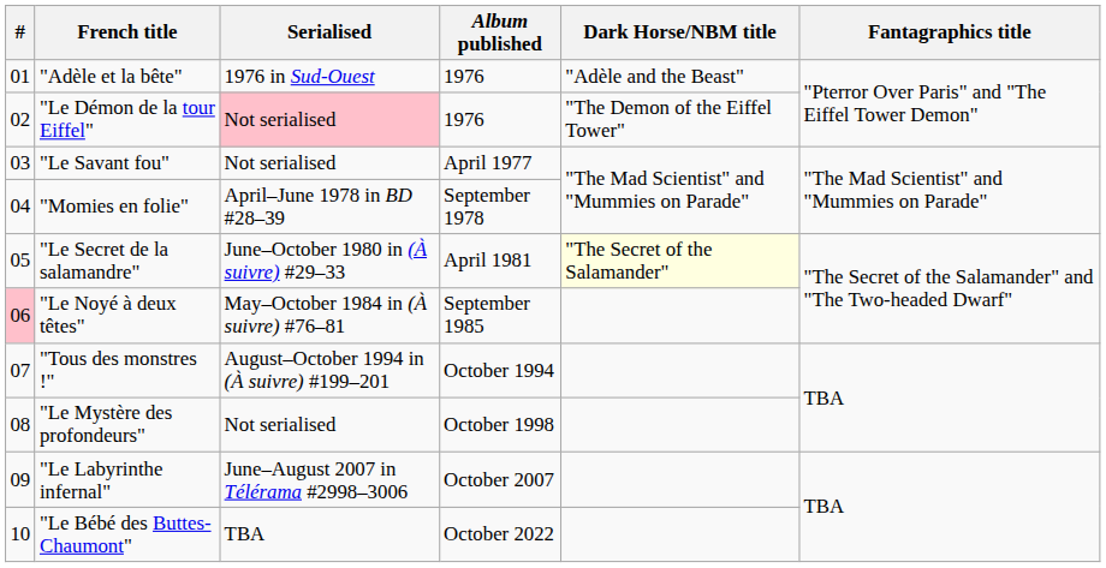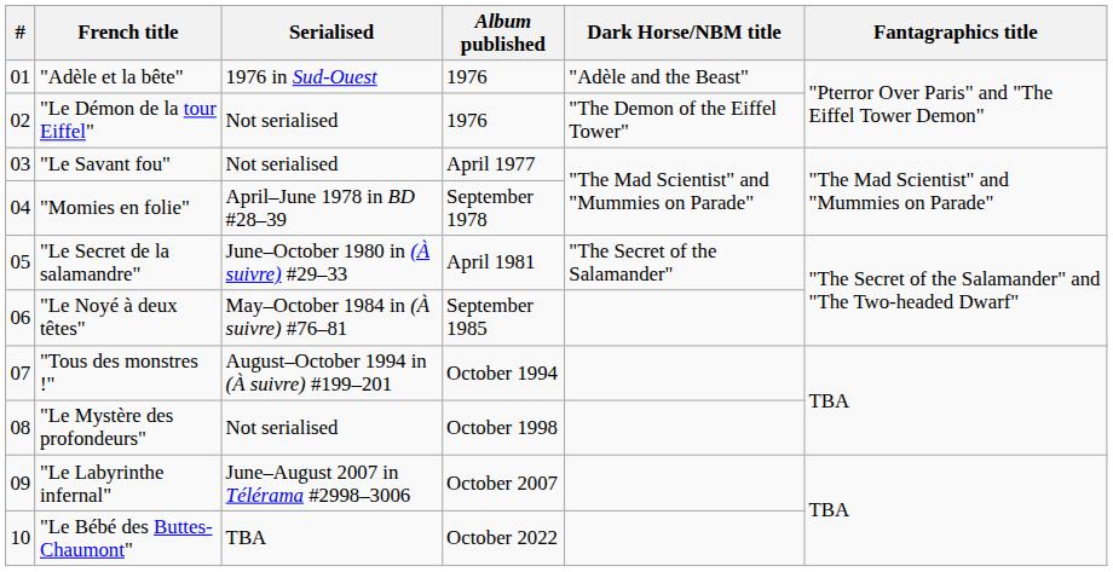 <table class="wikitable">
 <tr>
 <th>#</th>
 <th>French title</th>
 <th>Serialised</th>
 <th><em>Album</em> published</th>
 <th>Dark Horse/NBM title</th>
 <th>Fantagraphics title</th>
 </tr>
 <tr>
 <td>01</td>
 <td>"Adèle et la bête"</td>
 <td>1976 in <em><a href='#'>Sud-Ouest</a></em></td>
 <td>1976</td>
 <td>"Adèle and the Beast"</td>
 <td rowspan="2">"Pterror Over Paris" and "The Eiffel Tower Demon"</td>
 </tr>
 <tr>
 <td>02</td>
 <td>"Le Démon de la <a href='#'>tour Eiffel</a>"</td>
-<td style="background: pink;">Not serialised</td>
+<td>Not serialised</td>
 <td>1976</td>
 <td>"The Demon of the Eiffel Tower"</td>
 </tr>
 <tr>
 <td>03</td>
 <td>"Le Savant fou"</td>
 <td>Not serialised</td>
 <td>April 1977</td>
 <td rowspan="2">"The Mad Scientist" and "Mummies on Parade"</td>
 <td rowspan="2">"The Mad Scientist" and "Mummies on Parade"</td>
 </tr>
 <tr>
 <td>04</td>
 <td>"Momies en folie"</td>
 <td>April–June 1978 in <em>BD</em> #28–39</td>
 <td>September 1978</td>
 </tr>
 <tr>
 <td>05</td>
 <td>"Le Secret de la salamandre"</td>
 <td>June–October 1980 in <em><a href='#'>(À suivre)</a></em> #29–33</td>
 <td>April 1981</td>
-<td style="background: lightyellow;">"The Secret of the Salamander"</td>
+<td>"The Secret of the Salamander"</td>
 <td rowspan="2">"The Secret of the Salamander" and "The Two-headed Dwarf"</td>
 </tr>
 <tr>
-<td style="background: pink;">06</td>
+<td>06</td>
 <td>"Le Noyé à deux têtes"</td>
 <td>May–October 1984 in <em>(À suivre)</em> #76–81</td>
 <td>September 1985</td>
 <td></td>
 </tr>
 <tr>
 <td>07</td>
 <td>"Tous des monstres !"</td>
 <td>August–October 1994 in <em>(À suivre)</em> #199–201</td>
 <td>October 1994</td>
 <td></td>
 <td rowspan="2">TBA</td>
 </tr>
 <tr>
 <td>08</td>
 <td>"Le Mystère des profondeurs"</td>
 <td>Not serialised</td>
 <td>October 1998</td>
 <td></td>
 </tr>
 <tr>
 <td>09</td>
 <td>"Le Labyrinthe infernal"</td>
 <td>June–August 2007 in <em><a href='#'>Télérama</a></em> #2998–3006</td>
 <td>October 2007</td>
 <td></td>
 <td rowspan="2">TBA</td>
 </tr>
 <tr>
 <td>10</td>
 <td>"Le Bébé des <a href='#'>Buttes-Chaumont</a>"</td>
 <td>TBA</td>
 <td>October 2022</td>
 <td></td>
 </tr>
 </table>
